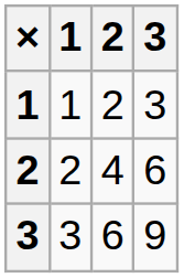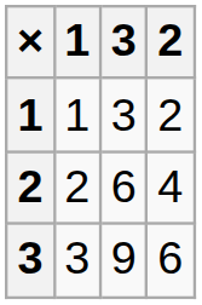 <table class="wikitable" style="text-align:center">
 <tr>
 <th>×</th>
 <th>1</th>
+<th>3</th>
 <th>2</th>
-<th>3</th>
 </tr>
 <tr>
 <th>1</th>
 <td>1</td>
+<td>3</td>
 <td>2</td>
-<td>3</td>
 </tr>
 <tr>
 <th>2</th>
 <td>2</td>
+<td>6</td>
 <td>4</td>
-<td>6</td>
 </tr>
 <tr>
 <th>3</th>
 <td>3</td>
+<td>9</td>
 <td>6</td>
-<td>9</td>
 </tr>
 </table>
